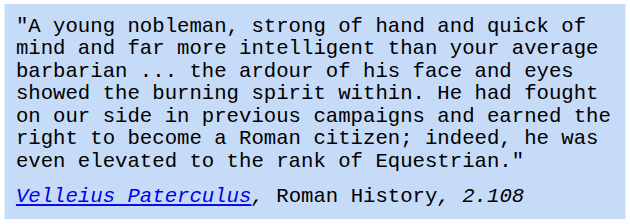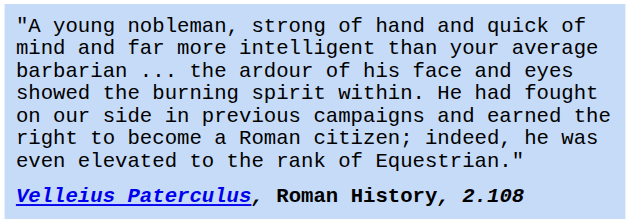 <table class="toccolours" style="float: left; margin-left: 1em; margin-right: 2em; font-size: 85%; background:#c6dbf7; color:black; width:30em; max-width: 40%;" cellspacing="5">
 <tr>
 <td style="text-align: left;">"A young nobleman, strong of hand and quick of mind and far more intelligent than your average barbarian ... the ardour of his face and eyes showed the burning spirit within. He had fought on our side in previous campaigns and earned the right to become a Roman citizen; indeed, he was even elevated to the rank of Equestrian."</td>
 </tr>
 <tr>
-<td style="text-align: left;"><em><a href='#'>Velleius Paterculus</a>, </em>Roman History<em>, 2.108</em></td>
+<td style="text-align: left;"><strong><em><a href='#'>Velleius Paterculus</a>, </em>Roman History<em>, 2.108</em></strong></td>
 </tr>
 </table>
